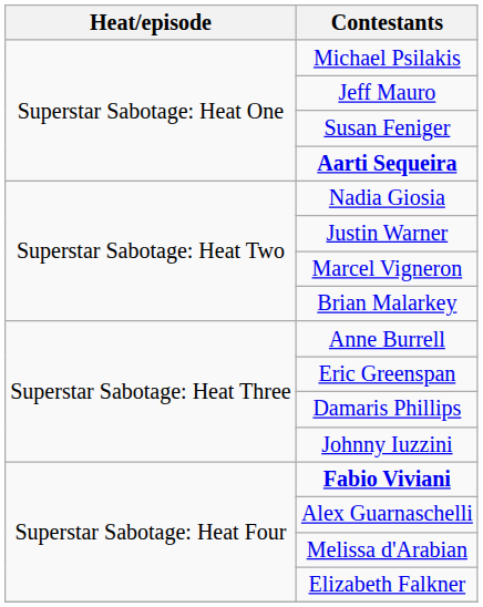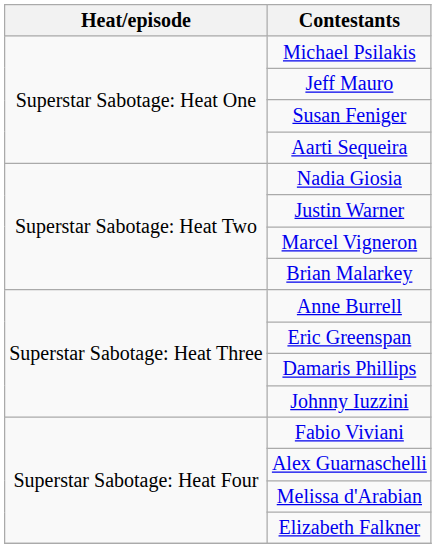 <table class="wikitable" style="text-align:center">
 <tr>
 <th>Heat/episode</th>
 <th>Contestants</th>
 </tr>
 <tr>
 <td rowspan="4">Superstar Sabotage: Heat One</td>
 <td><a href='#'>Michael Psilakis</a></td>
 </tr>
 <tr>
 <td><a href='#'>Jeff Mauro</a></td>
 </tr>
 <tr>
 <td><a href='#'>Susan Feniger</a></td>
 </tr>
 <tr>
-<td><strong><a href='#'>Aarti Sequeira</a></strong></td>
+<td><a href='#'>Aarti Sequeira</a></td>
 </tr>
 <tr>
 <td rowspan="4">Superstar Sabotage: Heat Two</td>
 <td><a href='#'>Nadia Giosia</a></td>
 </tr>
 <tr>
 <td><a href='#'>Justin Warner</a></td>
 </tr>
 <tr>
 <td><a href='#'>Marcel Vigneron</a></td>
 </tr>
 <tr>
 <td><a href='#'>Brian Malarkey</a></td>
 </tr>
 <tr>
 <td rowspan="4">Superstar Sabotage: Heat Three</td>
 <td><a href='#'>Anne Burrell</a></td>
 </tr>
 <tr>
 <td><a href='#'>Eric Greenspan</a></td>
 </tr>
 <tr>
 <td><a href='#'>Damaris Phillips</a></td>
 </tr>
 <tr>
 <td><a href='#'>Johnny Iuzzini</a></td>
 </tr>
 <tr>
 <td rowspan="4">Superstar Sabotage: Heat Four</td>
-<td><strong><a href='#'>Fabio Viviani</a></strong></td>
+<td><a href='#'>Fabio Viviani</a></td>
 </tr>
 <tr>
 <td><a href='#'>Alex Guarnaschelli</a></td>
 </tr>
 <tr>
 <td><a href='#'>Melissa d'Arabian</a></td>
 </tr>
 <tr>
 <td><a href='#'>Elizabeth Falkner</a></td>
 </tr>
 <tr 3>
 </tr>
 </table>
